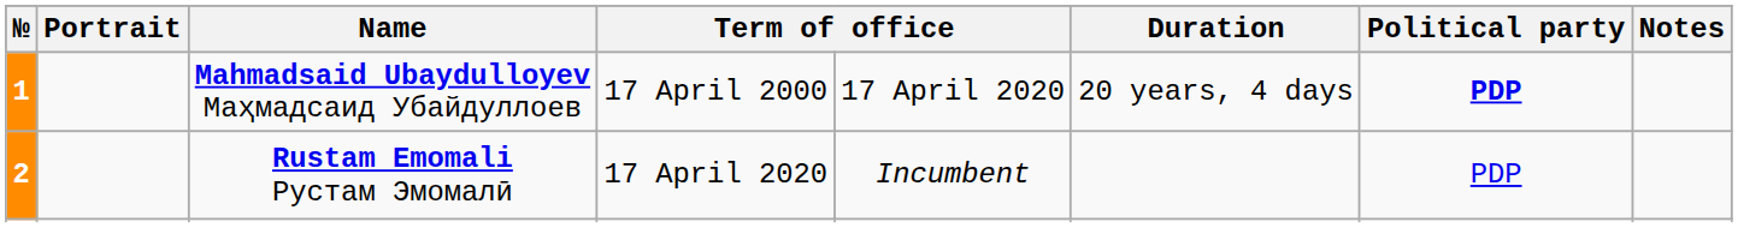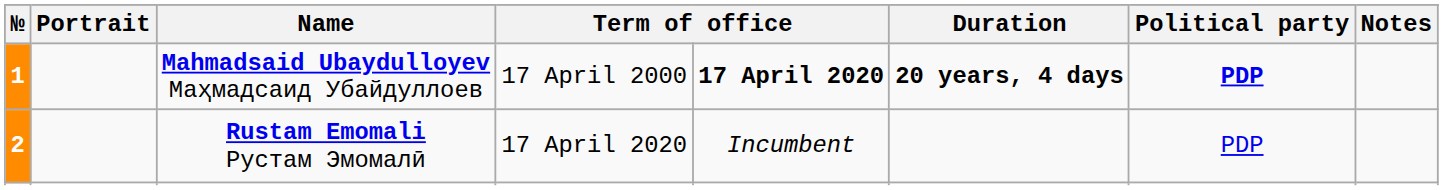 <table class="wikitable" style="text-align:center">
 <tr>
 <th>№</th>
 <th>Portrait</th>
 <th>Name<br></th>
 <th colspan="2">Term of office</th>
 <th>Duration</th>
 <th>Political party</th>
 <th>Notes</th>
 </tr>
 <tr>
 <th style="background:#FF8C00; color:white">1</th>
 <td></td>
 <td><strong><a href='#'>Mahmadsaid Ubaydulloyev</a></strong><br>Маҳмадсаид Убайдуллоев<br></td>
 <td>17 April 2000</td>
-<td>17 April 2020</td>
-<td>20 years, 4 days</td>
+<td><strong>17 April 2020</strong></td>
+<td><strong>20 years, 4 days</strong></td>
 <td><strong><a href='#'>PDP</a></strong></td>
 <td></td>
 </tr>
 <tr style="height:40px;">
 <th rowspan="2" style="background:#FF8C00; color:white">2</th>
 <td rowspan="2"></td>
 <td rowspan="2"><strong><a href='#'>Rustam Emomali</a></strong><br>Рустам Эмомалӣ<br></td>
 <td rowspan="2">17 April 2020</td>
 <td rowspan="2"><em>Incumbent</em></td>
 <td rowspan="2"></td>
 <td rowspan="2"><a href='#'>PDP</a></td>
 <td rowspan="2"></td>
 </tr>
 <tr>
 </tr>
 </table>
